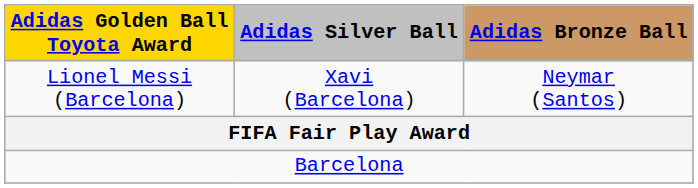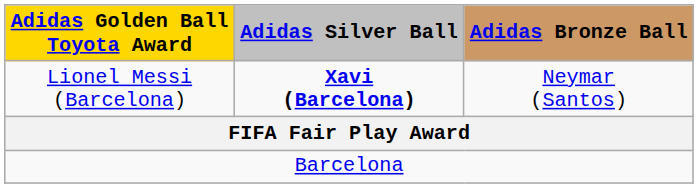 <table class="wikitable" style="text-align:center">
 <tr>
 <th style="background:gold; width:33%"><a href='#'>Adidas</a> Golden Ball<br><a href='#'>Toyota</a> Award</th>
 <th style="background:silver; width:33%"><a href='#'>Adidas</a> Silver Ball</th>
 <th style="background:#CC9966; width:33%"><a href='#'>Adidas</a> Bronze Ball</th>
 </tr>
 <tr>
 <td> <a href='#'>Lionel Messi</a><br>(<a href='#'>Barcelona</a>)</td>
-<td> <a href='#'>Xavi</a><br>(<a href='#'>Barcelona</a>)</td>
+<td><strong> <a href='#'>Xavi</a><br>(<a href='#'>Barcelona</a>)</strong></td>
 <td> <a href='#'>Neymar</a><br>(<a href='#'>Santos</a>)</td>
 </tr>
 <tr>
 <th colspan="3">FIFA Fair Play Award</th>
 </tr>
 <tr>
 <td colspan="3"> <a href='#'>Barcelona</a></td>
 </tr>
 </table>
